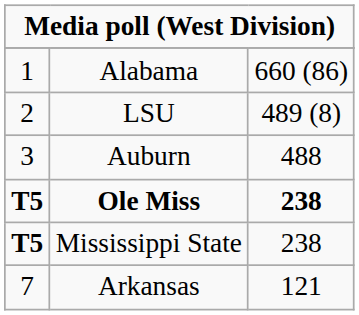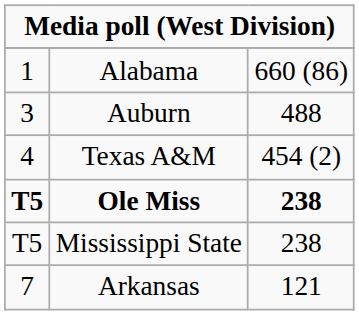 <table class="wikitable" style="display: inline-table;">
 <tr>
 <td align="center" Colspan="3"><strong>Media poll (West Division)</strong></td>
 </tr>
 <tr align="center">
 </tr>
 <tr align="center">
 <td>1</td>
 <td>Alabama</td>
 <td>660 (86)</td>
 </tr>
 <tr align="center">
-<td>2</td>
-<td>LSU</td>
-<td>489 (8)</td>
-</tr>
-<tr align="center">
 <td>3</td>
 <td>Auburn</td>
 <td>488</td>
+</tr>
+<tr align="center">
+<td>4</td>
+<td>Texas A&M</td>
+<td>454 (2)</td>
 </tr>
 <tr align="center">
 <td><strong>T5</strong></td>
 <td><strong>Ole Miss</strong></td>
 <td><strong>238</strong></td>
 </tr>
 <tr align="center">
-<td><strong>T5</strong></td>
+<td>T5</td>
 <td>Mississippi State</td>
 <td>238</td>
 </tr>
 <tr align="center">
 <td>7</td>
 <td>Arkansas</td>
 <td>121</td>
 </tr>
 </table>
